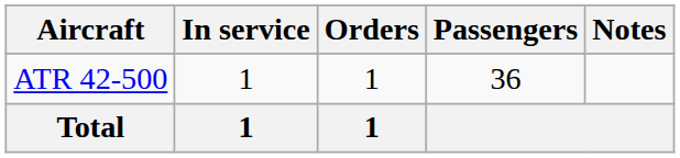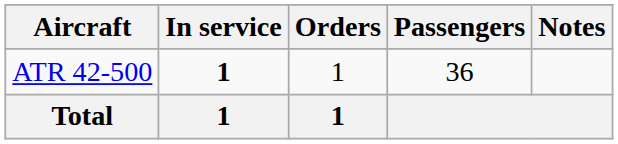 <table class="wikitable" style="margin:1em auto; border-collapse:collapse;text-align:center">
 <tr>
 <th>Aircraft</th>
 <th>In service</th>
 <th>Orders</th>
 <th>Passengers</th>
 <th>Notes</th>
 </tr>
 <tr>
 <td><a href='#'>ATR 42-500</a></td>
-<td>1</td>
+<td><strong>1</strong></td>
 <td>1</td>
 <td>36</td>
 <td></td>
 </tr>
 <tr>
 <th>Total</th>
 <th>1</th>
 <th>1</th>
 <th colspan="2"></th>
 </tr>
 </table>
